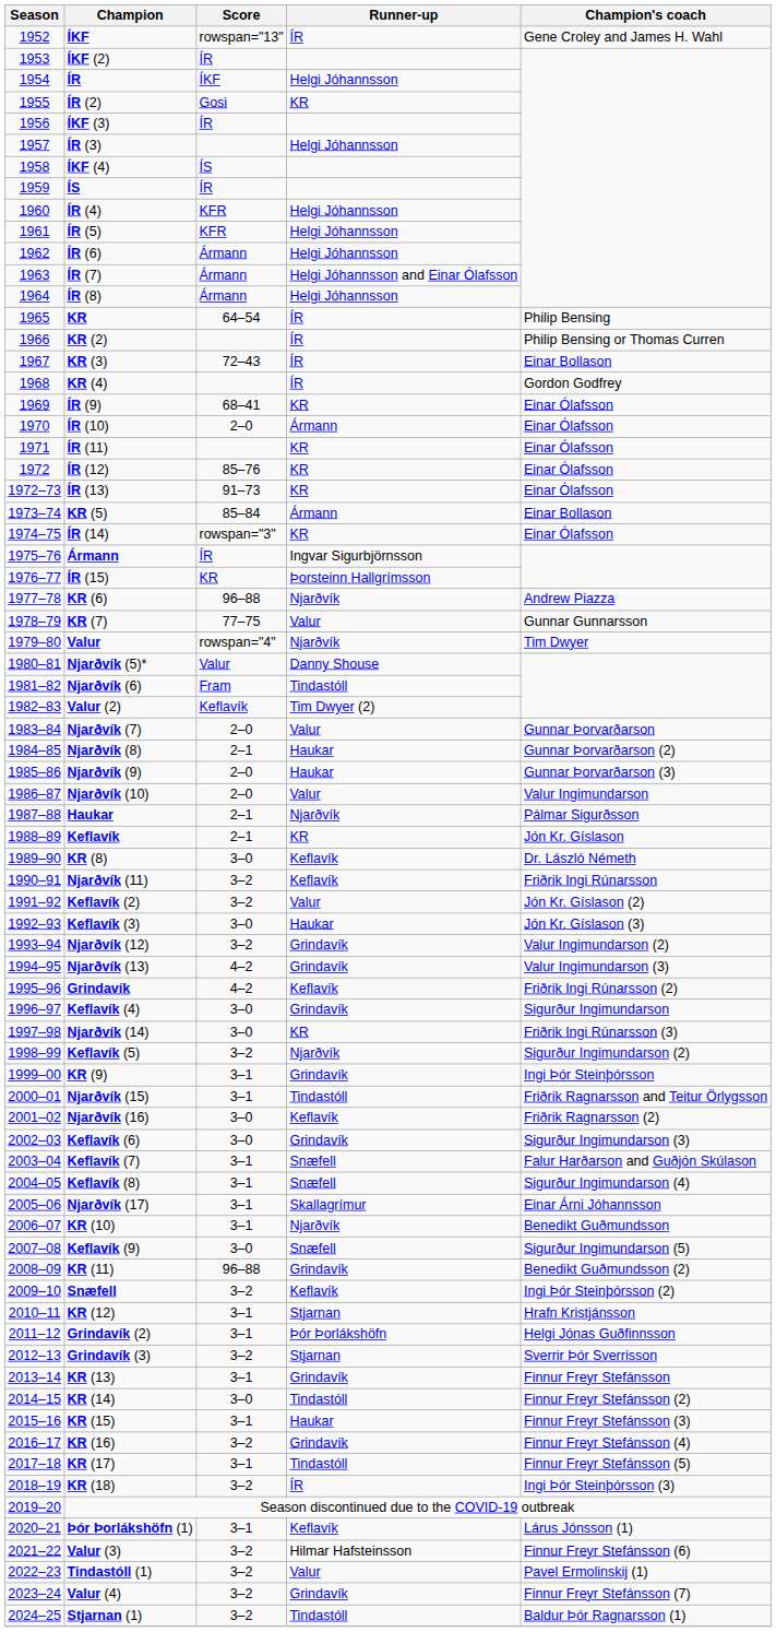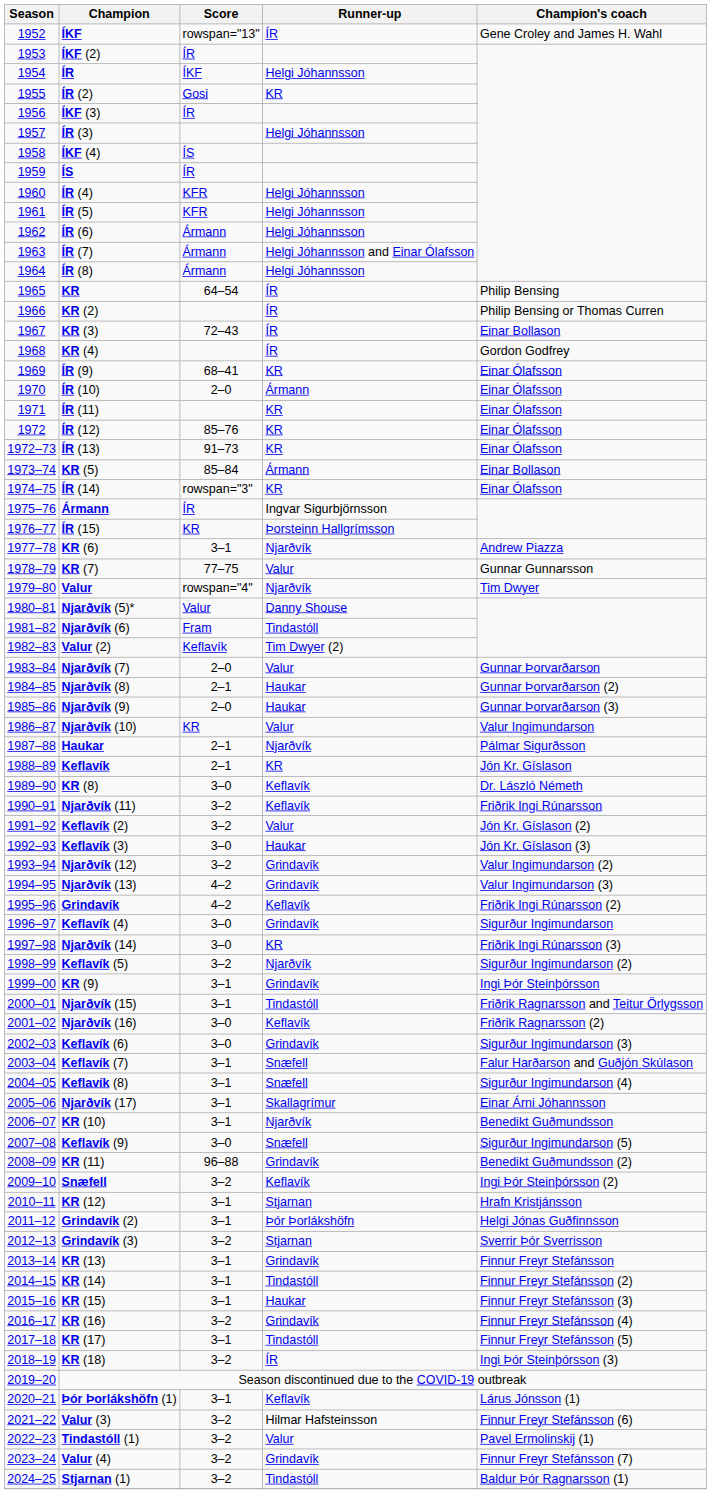 <table class="wikitable">
 <tr>
 <th>Season</th>
 <th>Champion</th>
 <th>Score</th>
 <th>Runner-up</th>
 <th>Champion's coach</th>
 </tr>
 <tr>
 <td style="text-align:center;"><a href='#'>1952</a></td>
 <td><strong><a href='#'>ÍKF</a></strong></td>
 <td>rowspan="13" </td>
 <td><a href='#'>ÍR</a></td>
 <td> Gene Croley and  James H. Wahl</td>
 </tr>
 <tr>
 <td style="text-align:center;"><a href='#'>1953</a></td>
 <td><strong><a href='#'>ÍKF</a></strong> (2)</td>
 <td><a href='#'>ÍR</a></td>
 <td></td>
 </tr>
 <tr>
 <td style="text-align:center;"><a href='#'>1954</a></td>
 <td><strong><a href='#'>ÍR</a></strong></td>
 <td><a href='#'>ÍKF</a></td>
 <td> <a href='#'>Helgi Jóhannsson</a></td>
 </tr>
 <tr>
 <td style="text-align:center;"><a href='#'>1955</a></td>
 <td><strong><a href='#'>ÍR</a></strong> (2)</td>
 <td><a href='#'>Gosi</a></td>
 <td><a href='#'>KR</a></td>
 </tr>
 <tr>
 <td style="text-align:center;"><a href='#'>1956</a></td>
 <td><strong><a href='#'>ÍKF</a></strong> (3)</td>
 <td><a href='#'>ÍR</a></td>
 <td></td>
 </tr>
 <tr>
 <td style="text-align:center;"><a href='#'>1957</a></td>
 <td><strong><a href='#'>ÍR</a></strong> (3)</td>
 <td></td>
 <td> <a href='#'>Helgi Jóhannsson</a></td>
 </tr>
 <tr>
 <td style="text-align:center;"><a href='#'>1958</a></td>
 <td><strong><a href='#'>ÍKF</a></strong> (4)</td>
 <td><a href='#'>ÍS</a></td>
 <td></td>
 </tr>
 <tr>
 <td style="text-align:center;"><a href='#'>1959</a></td>
 <td><strong><a href='#'>ÍS</a></strong></td>
 <td><a href='#'>ÍR</a></td>
 <td></td>
 </tr>
 <tr>
 <td style="text-align:center;"><a href='#'>1960</a></td>
 <td><strong><a href='#'>ÍR</a></strong> (4)</td>
 <td><a href='#'>KFR</a></td>
 <td> <a href='#'>Helgi Jóhannsson</a></td>
 </tr>
 <tr>
 <td style="text-align:center;"><a href='#'>1961</a></td>
 <td><strong><a href='#'>ÍR</a></strong> (5)</td>
 <td><a href='#'>KFR</a></td>
 <td> <a href='#'>Helgi Jóhannsson</a></td>
 </tr>
 <tr>
 <td style="text-align:center;"><a href='#'>1962</a></td>
 <td><strong><a href='#'>ÍR</a></strong> (6)</td>
 <td><a href='#'>Ármann</a></td>
 <td> <a href='#'>Helgi Jóhannsson</a></td>
 </tr>
 <tr>
 <td style="text-align:center;"><a href='#'>1963</a></td>
 <td><strong><a href='#'>ÍR</a></strong> (7)</td>
 <td><a href='#'>Ármann</a></td>
 <td> <a href='#'>Helgi Jóhannsson</a> and  <a href='#'>Einar Ólafsson</a></td>
 </tr>
 <tr>
 <td style="text-align:center;"><a href='#'>1964</a></td>
 <td><strong><a href='#'>ÍR</a></strong> (8)</td>
 <td><a href='#'>Ármann</a></td>
 <td> <a href='#'>Helgi Jóhannsson</a></td>
 </tr>
 <tr>
 <td style="text-align:center;"><a href='#'>1965</a></td>
 <td><strong><a href='#'>KR</a></strong></td>
 <td align=center>64–54</td>
 <td><a href='#'>ÍR</a></td>
 <td> Philip Bensing</td>
 </tr>
 <tr>
 <td style="text-align:center;"><a href='#'>1966</a></td>
 <td><strong><a href='#'>KR</a></strong> (2)</td>
 <td></td>
 <td><a href='#'>ÍR</a></td>
 <td> Philip Bensing or  Thomas Curren</td>
 </tr>
 <tr>
 <td style="text-align:center;"><a href='#'>1967</a></td>
 <td><strong><a href='#'>KR</a></strong> (3)</td>
 <td align=center>72–43</td>
 <td><a href='#'>ÍR</a></td>
 <td> <a href='#'>Einar Bollason</a></td>
 </tr>
 <tr>
 <td style="text-align:center;"><a href='#'>1968</a></td>
 <td><strong><a href='#'>KR</a></strong> (4)</td>
 <td></td>
 <td><a href='#'>ÍR</a></td>
 <td> Gordon Godfrey</td>
 </tr>
 <tr>
 <td style="text-align:center;"><a href='#'>1969</a></td>
 <td><strong><a href='#'>ÍR</a></strong> (9)</td>
 <td align=center>68–41</td>
 <td><a href='#'>KR</a></td>
 <td> <a href='#'>Einar Ólafsson</a></td>
 </tr>
 <tr>
 <td style="text-align:center;"><a href='#'>1970</a></td>
 <td><strong><a href='#'>ÍR</a></strong> (10)</td>
 <td align=center>2–0</td>
 <td><a href='#'>Ármann</a></td>
 <td> <a href='#'>Einar Ólafsson</a></td>
 </tr>
 <tr>
 <td style="text-align:center;"><a href='#'>1971</a></td>
 <td><strong><a href='#'>ÍR</a></strong> (11)</td>
 <td></td>
 <td><a href='#'>KR</a></td>
 <td> <a href='#'>Einar Ólafsson</a></td>
 </tr>
 <tr>
 <td style="text-align:center;"><a href='#'>1972</a></td>
 <td><strong><a href='#'>ÍR</a></strong> (12)</td>
 <td align=center>85–76</td>
 <td><a href='#'>KR</a></td>
 <td> <a href='#'>Einar Ólafsson</a></td>
 </tr>
 <tr>
 <td style="text-align:center;"><a href='#'>1972–73</a></td>
 <td><strong><a href='#'>ÍR</a></strong> (13)</td>
 <td align=center>91–73</td>
 <td><a href='#'>KR</a></td>
 <td> <a href='#'>Einar Ólafsson</a></td>
 </tr>
 <tr>
 <td style="text-align:center;"><a href='#'>1973–74</a></td>
 <td><strong><a href='#'>KR</a></strong> (5)</td>
 <td align=center>85–84</td>
 <td><a href='#'>Ármann</a></td>
 <td> <a href='#'>Einar Bollason</a></td>
 </tr>
 <tr>
 <td style="text-align:center;"><a href='#'>1974–75</a></td>
 <td><strong><a href='#'>ÍR</a></strong> (14)</td>
 <td>rowspan="3" </td>
 <td><a href='#'>KR</a></td>
 <td> <a href='#'>Einar Ólafsson</a></td>
 </tr>
 <tr>
 <td style="text-align:center;"><a href='#'>1975–76</a></td>
 <td><strong><a href='#'>Ármann</a></strong></td>
 <td><a href='#'>ÍR</a></td>
 <td> Ingvar Sigurbjörnsson</td>
 </tr>
 <tr>
 <td style="text-align:center;"><a href='#'>1976–77</a></td>
 <td><strong><a href='#'>ÍR</a></strong> (15)</td>
 <td><a href='#'>KR</a></td>
 <td> <a href='#'>Þorsteinn Hallgrímsson</a></td>
 </tr>
 <tr>
 <td style="text-align:center;"><a href='#'>1977–78</a></td>
 <td><strong><a href='#'>KR</a></strong> (6)</td>
-<td align=center>96–88</td>
+<td align=center>3–1</td>
 <td><a href='#'>Njarðvík</a></td>
 <td> <a href='#'>Andrew Piazza</a></td>
 </tr>
 <tr>
 <td style="text-align:center;"><a href='#'>1978–79</a></td>
 <td><strong><a href='#'>KR</a></strong> (7)</td>
 <td align=center>77–75</td>
 <td><a href='#'>Valur</a></td>
 <td> Gunnar Gunnarsson</td>
 </tr>
 <tr>
 <td style="text-align:center;"><a href='#'>1979–80</a></td>
 <td><strong><a href='#'>Valur</a></strong></td>
 <td>rowspan="4" </td>
 <td><a href='#'>Njarðvík</a></td>
 <td> <a href='#'>Tim Dwyer</a></td>
 </tr>
 <tr>
 <td style="text-align:center;"><a href='#'>1980–81</a></td>
 <td><strong><a href='#'>Njarðvík</a></strong> (5)*</td>
 <td><a href='#'>Valur</a></td>
 <td> <a href='#'>Danny Shouse</a></td>
 </tr>
 <tr>
 <td style="text-align:center;"><a href='#'>1981–82</a></td>
 <td><strong><a href='#'>Njarðvík</a></strong> (6)</td>
 <td><a href='#'>Fram</a></td>
 <td><a href='#'>Tindastóll</a></td>
 </tr>
 <tr>
 <td style="text-align:center;"><a href='#'>1982–83</a></td>
 <td><strong><a href='#'>Valur</a></strong> (2)</td>
 <td><a href='#'>Keflavík</a></td>
 <td> <a href='#'>Tim Dwyer</a> (2)</td>
 </tr>
 <tr>
 <td style="text-align:center;"><a href='#'>1983–84</a></td>
 <td><strong><a href='#'>Njarðvík</a></strong> (7)</td>
 <td align=center>2–0</td>
 <td><a href='#'>Valur</a></td>
 <td> <a href='#'>Gunnar Þorvarðarson</a></td>
 </tr>
 <tr>
 <td style="text-align:center;"><a href='#'>1984–85</a></td>
 <td><strong><a href='#'>Njarðvík</a></strong> (8)</td>
 <td align=center>2–1</td>
 <td><a href='#'>Haukar</a></td>
 <td> <a href='#'>Gunnar Þorvarðarson</a> (2)</td>
 </tr>
 <tr>
 <td style="text-align:center;"><a href='#'>1985–86</a></td>
 <td><strong><a href='#'>Njarðvík</a></strong> (9)</td>
 <td align=center>2–0</td>
 <td><a href='#'>Haukar</a></td>
 <td> <a href='#'>Gunnar Þorvarðarson</a> (3)</td>
 </tr>
 <tr>
 <td style="text-align:center;"><a href='#'>1986–87</a></td>
 <td><strong><a href='#'>Njarðvík</a></strong> (10)</td>
-<td align=center>2–0</td>
+<td><a href='#'>KR</a></td>
 <td><a href='#'>Valur</a></td>
 <td> <a href='#'>Valur Ingimundarson</a></td>
 </tr>
 <tr>
 <td style="text-align:center;"><a href='#'>1987–88</a></td>
 <td><strong><a href='#'>Haukar</a></strong></td>
 <td align=center>2–1</td>
 <td><a href='#'>Njarðvík</a></td>
 <td> <a href='#'>Pálmar Sigurðsson</a></td>
 </tr>
 <tr>
 <td style="text-align:center;"><a href='#'>1988–89</a></td>
 <td><strong><a href='#'>Keflavík</a></strong></td>
 <td align=center>2–1</td>
 <td><a href='#'>KR</a></td>
 <td> <a href='#'>Jón Kr. Gíslason</a></td>
 </tr>
 <tr>
 <td style="text-align:center;"><a href='#'>1989–90</a></td>
 <td><strong><a href='#'>KR</a></strong> (8)</td>
 <td align=center>3–0</td>
 <td><a href='#'>Keflavík</a></td>
 <td> <a href='#'>Dr. László Németh</a></td>
 </tr>
 <tr>
 <td style="text-align:center;"><a href='#'>1990–91</a></td>
 <td><strong><a href='#'>Njarðvík</a></strong> (11)</td>
 <td align=center>3–2</td>
 <td><a href='#'>Keflavík</a></td>
 <td> <a href='#'>Friðrik Ingi Rúnarsson</a></td>
 </tr>
 <tr>
 <td style="text-align:center;"><a href='#'>1991–92</a></td>
 <td><strong><a href='#'>Keflavík</a></strong> (2)</td>
 <td align=center>3–2</td>
 <td><a href='#'>Valur</a></td>
 <td> <a href='#'>Jón Kr. Gíslason</a> (2)</td>
 </tr>
 <tr>
 <td style="text-align:center;"><a href='#'>1992–93</a></td>
 <td><strong><a href='#'>Keflavík</a></strong> (3)</td>
 <td align=center>3–0</td>
 <td><a href='#'>Haukar</a></td>
 <td> <a href='#'>Jón Kr. Gíslason</a> (3)</td>
 </tr>
 <tr>
 <td style="text-align:center;"><a href='#'>1993–94</a></td>
 <td><strong><a href='#'>Njarðvík</a></strong> (12)</td>
 <td align=center>3–2</td>
 <td><a href='#'>Grindavík</a></td>
 <td> <a href='#'>Valur Ingimundarson</a> (2)</td>
 </tr>
 <tr>
 <td style="text-align:center;"><a href='#'>1994–95</a></td>
 <td><strong><a href='#'>Njarðvík</a></strong> (13)</td>
 <td align=center>4–2</td>
 <td><a href='#'>Grindavík</a></td>
 <td> <a href='#'>Valur Ingimundarson</a> (3)</td>
 </tr>
 <tr>
 <td style="text-align:center;"><a href='#'>1995–96</a></td>
 <td><strong><a href='#'>Grindavík</a></strong></td>
 <td align=center>4–2</td>
 <td><a href='#'>Keflavík</a></td>
 <td> <a href='#'>Friðrik Ingi Rúnarsson</a> (2)</td>
 </tr>
 <tr>
 <td style="text-align:center;"><a href='#'>1996–97</a></td>
 <td><strong><a href='#'>Keflavík</a></strong> (4)</td>
 <td align=center>3–0</td>
 <td><a href='#'>Grindavík</a></td>
 <td> <a href='#'>Sigurður Ingimundarson</a></td>
 </tr>
 <tr>
 <td style="text-align:center;"><a href='#'>1997–98</a></td>
 <td><strong><a href='#'>Njarðvík</a></strong> (14)</td>
 <td align=center>3–0</td>
 <td><a href='#'>KR</a></td>
 <td> <a href='#'>Friðrik Ingi Rúnarsson</a> (3)</td>
 </tr>
 <tr>
 <td style="text-align:center;"><a href='#'>1998–99</a></td>
 <td><strong><a href='#'>Keflavík</a></strong> (5)</td>
 <td align=center>3–2</td>
 <td><a href='#'>Njarðvík</a></td>
 <td> <a href='#'>Sigurður Ingimundarson</a> (2)</td>
 </tr>
 <tr>
 <td style="text-align:center;"><a href='#'>1999–00</a></td>
 <td><strong><a href='#'>KR</a></strong> (9)</td>
 <td align=center>3–1</td>
 <td><a href='#'>Grindavík</a></td>
 <td> <a href='#'>Ingi Þór Steinþórsson</a></td>
 </tr>
 <tr>
 <td style="text-align:center;"><a href='#'>2000–01</a></td>
 <td><strong><a href='#'>Njarðvík</a></strong> (15)</td>
 <td align=center>3–1</td>
 <td><a href='#'>Tindastóll</a></td>
 <td> <a href='#'>Friðrik Ragnarsson</a> and  <a href='#'>Teitur Örlygsson</a></td>
 </tr>
 <tr>
 <td style="text-align:center;"><a href='#'>2001–02</a></td>
 <td><strong><a href='#'>Njarðvík</a></strong> (16)</td>
 <td align=center>3–0</td>
 <td><a href='#'>Keflavík</a></td>
 <td> <a href='#'>Friðrik Ragnarsson</a> (2)</td>
 </tr>
 <tr>
 <td style="text-align:center;"><a href='#'>2002–03</a></td>
 <td><strong><a href='#'>Keflavík</a></strong> (6)</td>
 <td align=center>3–0</td>
 <td><a href='#'>Grindavík</a></td>
 <td> <a href='#'>Sigurður Ingimundarson</a> (3)</td>
 </tr>
 <tr>
 <td style="text-align:center;"><a href='#'>2003–04</a></td>
 <td><strong><a href='#'>Keflavík</a></strong> (7)</td>
 <td align=center>3–1</td>
 <td><a href='#'>Snæfell</a></td>
 <td> <a href='#'>Falur Harðarson</a> and  <a href='#'>Guðjón Skúlason</a></td>
 </tr>
 <tr>
 <td style="text-align:center;"><a href='#'>2004–05</a></td>
 <td><strong><a href='#'>Keflavík</a></strong> (8)</td>
 <td align=center>3–1</td>
 <td><a href='#'>Snæfell</a></td>
 <td> <a href='#'>Sigurður Ingimundarson</a> (4)</td>
 </tr>
 <tr>
 <td style="text-align:center;"><a href='#'>2005–06</a></td>
 <td><strong><a href='#'>Njarðvík</a></strong> (17)</td>
 <td align=center>3–1</td>
 <td><a href='#'>Skallagrímur</a></td>
 <td> <a href='#'>Einar Árni Jóhannsson</a></td>
 </tr>
 <tr>
 <td style="text-align:center;"><a href='#'>2006–07</a></td>
 <td><strong><a href='#'>KR</a></strong> (10)</td>
 <td align=center>3–1</td>
 <td><a href='#'>Njarðvík</a></td>
 <td> <a href='#'>Benedikt Guðmundsson</a></td>
 </tr>
 <tr>
 <td style="text-align:center;"><a href='#'>2007–08</a></td>
 <td><strong><a href='#'>Keflavík</a></strong> (9)</td>
 <td align=center>3–0</td>
 <td><a href='#'>Snæfell</a></td>
 <td> <a href='#'>Sigurður Ingimundarson</a> (5)</td>
 </tr>
 <tr>
 <td style="text-align:center;"><a href='#'>2008–09</a></td>
 <td><strong><a href='#'>KR</a></strong> (11)</td>
 <td align=center>96–88</td>
 <td><a href='#'>Grindavík</a></td>
 <td> <a href='#'>Benedikt Guðmundsson</a> (2)</td>
 </tr>
 <tr>
 <td style="text-align:center;"><a href='#'>2009–10</a></td>
 <td><strong><a href='#'>Snæfell</a></strong></td>
 <td align=center>3–2</td>
 <td><a href='#'>Keflavík</a></td>
 <td> <a href='#'>Ingi Þór Steinþórsson</a> (2)</td>
 </tr>
 <tr>
 <td style="text-align:center;"><a href='#'>2010–11</a></td>
 <td><strong><a href='#'>KR</a></strong> (12)</td>
 <td align=center>3–1</td>
 <td><a href='#'>Stjarnan</a></td>
 <td> <a href='#'>Hrafn Kristjánsson</a></td>
 </tr>
 <tr>
 <td style="text-align:center;"><a href='#'>2011–12</a></td>
 <td><strong><a href='#'>Grindavík</a></strong> (2)</td>
 <td align=center>3–1</td>
 <td><a href='#'>Þór Þorlákshöfn</a></td>
 <td> <a href='#'>Helgi Jónas Guðfinnsson</a></td>
 </tr>
 <tr>
 <td align=center><a href='#'>2012–13</a></td>
 <td><strong><a href='#'>Grindavík</a></strong> (3)</td>
 <td align=center>3–2</td>
 <td><a href='#'>Stjarnan</a></td>
 <td> <a href='#'>Sverrir Þór Sverrisson</a></td>
 </tr>
 <tr>
 <td style="text-align:center;"><a href='#'>2013–14</a></td>
 <td><strong><a href='#'>KR</a></strong> (13)</td>
 <td align=center>3–1</td>
 <td><a href='#'>Grindavík</a></td>
 <td> <a href='#'>Finnur Freyr Stefánsson</a></td>
 </tr>
 <tr>
 <td style="text-align:center;"><a href='#'>2014–15</a></td>
 <td><strong><a href='#'>KR</a></strong> (14)</td>
-<td align=center>3–0</td>
+<td align=center>3–1</td>
 <td><a href='#'>Tindastóll</a></td>
 <td> <a href='#'>Finnur Freyr Stefánsson</a> (2)</td>
 </tr>
 <tr>
 <td style="text-align:center;"><a href='#'>2015–16</a></td>
 <td><strong><a href='#'>KR</a></strong> (15)</td>
 <td align=center>3–1</td>
 <td><a href='#'>Haukar</a></td>
 <td> <a href='#'>Finnur Freyr Stefánsson</a> (3)</td>
 </tr>
 <tr>
 <td style="text-align:center;"><a href='#'>2016–17</a></td>
 <td><strong><a href='#'>KR</a></strong> (16)</td>
 <td align=center>3–2</td>
 <td><a href='#'>Grindavík</a></td>
 <td> <a href='#'>Finnur Freyr Stefánsson</a> (4)</td>
 </tr>
 <tr>
 <td style="text-align:center;"><a href='#'>2017–18</a></td>
 <td><strong><a href='#'>KR</a></strong> (17)</td>
 <td align=center>3–1</td>
 <td><a href='#'>Tindastóll</a></td>
 <td> <a href='#'>Finnur Freyr Stefánsson</a> (5)</td>
 </tr>
 <tr>
 <td style="text-align:center;"><a href='#'>2018–19</a></td>
 <td><strong><a href='#'>KR</a></strong> (18)</td>
 <td align=center>3–2</td>
 <td><a href='#'>ÍR</a></td>
 <td> <a href='#'>Ingi Þór Steinþórsson</a> (3)</td>
 </tr>
 <tr>
 <td style="text-align:center;"><a href='#'>2019–20</a></td>
 <td colspan=4 align=center>Season discontinued due to the <a href='#'>COVID-19</a> outbreak</td>
 </tr>
 <tr>
 <td style="text-align:center;"><a href='#'>2020–21</a></td>
 <td><strong><a href='#'>Þór Þorlákshöfn</a></strong> (1)</td>
 <td align=center>3–1</td>
 <td><a href='#'>Keflavík</a></td>
 <td> <a href='#'>Lárus Jónsson</a> (1)</td>
 </tr>
 <tr>
 <td style="text-align:center;"><a href='#'>2021–22</a></td>
 <td><strong><a href='#'>Valur</a></strong> (3)</td>
 <td align=center>3–2</td>
 <td> Hilmar Hafsteinsson</td>
 <td> <a href='#'>Finnur Freyr Stefánsson</a> (6)</td>
 </tr>
 <tr>
 <td style="text-align:center;"><a href='#'>2022–23</a></td>
 <td><strong><a href='#'>Tindastóll</a></strong> (1)</td>
 <td align=center>3–2</td>
 <td><a href='#'>Valur</a></td>
 <td> <a href='#'>Pavel Ermolinskij</a> (1)</td>
 </tr>
 <tr>
 <td style="text-align:center;"><a href='#'>2023–24</a></td>
 <td><strong><a href='#'>Valur</a></strong> (4)</td>
 <td align=center>3–2</td>
 <td><a href='#'>Grindavík</a></td>
 <td> <a href='#'>Finnur Freyr Stefánsson</a> (7)</td>
 </tr>
 <tr>
 <td style="text-align:center;"><a href='#'>2024–25</a></td>
 <td><strong><a href='#'>Stjarnan</a></strong> (1)</td>
 <td align=center>3–2</td>
 <td><a href='#'>Tindastóll</a></td>
 <td> <a href='#'>Baldur Þór Ragnarsson</a> (1)</td>
 </tr>
 <tr>
 </tr>
 </table>
